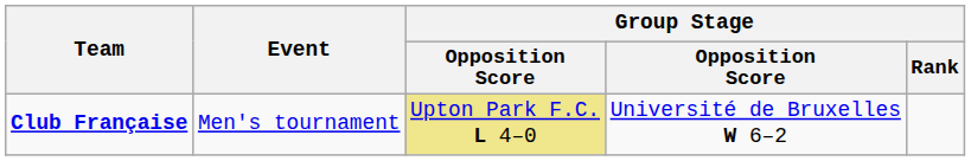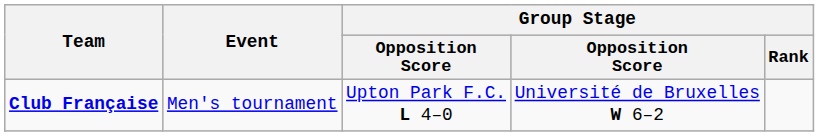 <table class="wikitable" style="font-size:90%">
 <tr>
 <th rowspan=2>Team</th>
 <th rowspan=2>Event</th>
 <th colspan=3>Group Stage</th>
 </tr>
 <tr style="font-size:95%">
 <th>Opposition<br>Score</th>
 <th>Opposition<br>Score</th>
 <th>Rank</th>
 </tr>
 <tr align=center>
 <td align=left><strong><a href='#'>Club Française</a></strong></td>
 <td align=left><a href='#'>Men's tournament</a></td>
-<td style="background: khaki;"><a href='#'>Upton Park F.C.</a><br><strong>L</strong> 4–0</td>
+<td><a href='#'>Upton Park F.C.</a><br><strong>L</strong> 4–0</td>
 <td><a href='#'>Université de Bruxelles</a><br><strong>W</strong> 6–2</td>
 <td></td>
 </tr>
 </table>
